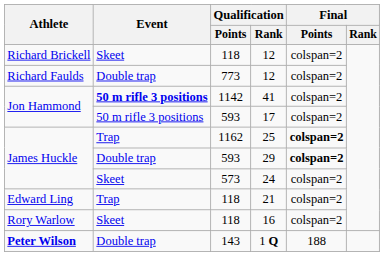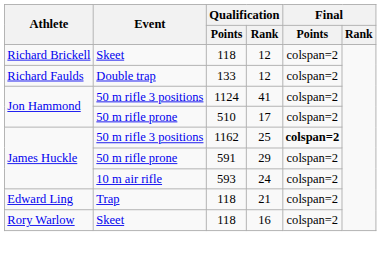 <table class="wikitable" style="text-align:center; font-size:90%;">
 <tr>
 <th rowspan=2>Athlete</th>
 <th rowspan=2>Event</th>
 <th colspan=2>Qualification</th>
 <th colspan=2>Final</th>
 </tr>
 <tr style="font-size:95%">
 <th>Points</th>
 <th>Rank</th>
 <th>Points</th>
 <th>Rank</th>
 </tr>
 <tr>
 <td style="text-align:left;"><a href='#'>Richard Brickell</a></td>
 <td style="text-align:left;"><a href='#'>Skeet</a></td>
 <td>118</td>
 <td>12</td>
 <td>colspan=2 </td>
 </tr>
 <tr>
 <td style="text-align:left;"><a href='#'>Richard Faulds</a></td>
 <td style="text-align:left;"><a href='#'>Double trap</a></td>
-<td>773</td>
+<td>133</td>
 <td>12</td>
 <td>colspan=2 </td>
 </tr>
 <tr>
 <td style="text-align:left;" rowspan="2"><a href='#'>Jon Hammond</a></td>
-<td style="text-align:left;"><strong><a href='#'>50 m rifle 3 positions</a></strong></td>
-<td>1142</td>
+<td style="text-align:left;"><a href='#'>50 m rifle 3 positions</a></td>
+<td>1124</td>
 <td>41</td>
 <td>colspan=2 </td>
 </tr>
 <tr>
-<td style="text-align:left;"><a href='#'>50 m rifle 3 positions</a></td>
-<td>593</td>
+<td style="text-align:left;"><a href='#'>50 m rifle prone</a></td>
+<td>510</td>
 <td>17</td>
 <td>colspan=2 </td>
 </tr>
 <tr>
 <td style="text-align:left;" rowspan="3"><a href='#'>James Huckle</a></td>
-<td style="text-align:left;"><a href='#'>Trap</a></td>
+<td style="text-align:left;"><a href='#'>50 m rifle 3 positions</a></td>
 <td>1162</td>
 <td>25</td>
 <td><strong>colspan=2 </strong></td>
 </tr>
 <tr>
-<td style="text-align:left;"><a href='#'>Double trap</a></td>
-<td>593</td>
+<td style="text-align:left;"><a href='#'>50 m rifle prone</a></td>
+<td>591</td>
 <td>29</td>
-<td><strong>colspan=2 </strong></td>
+<td>colspan=2 </td>
 </tr>
 <tr>
-<td style="text-align:left;"><a href='#'>Skeet</a></td>
-<td>573</td>
+<td style="text-align:left;"><a href='#'>10 m air rifle</a></td>
+<td>593</td>
 <td>24</td>
 <td>colspan=2 </td>
 </tr>
 <tr>
 <td style="text-align:left;"><a href='#'>Edward Ling</a></td>
 <td style="text-align:left;"><a href='#'>Trap</a></td>
 <td>118</td>
 <td>21</td>
 <td>colspan=2 </td>
 </tr>
 <tr>
 <td style="text-align:left;"><a href='#'>Rory Warlow</a></td>
 <td style="text-align:left;"><a href='#'>Skeet</a></td>
 <td>118</td>
 <td>16</td>
 <td>colspan=2 </td>
 </tr>
-<tr>
-<td style="text-align:left;"><strong><a href='#'>Peter Wilson</a></strong></td>
-<td style="text-align:left;"><a href='#'>Double trap</a></td>
-<td>143</td>
-<td>1 <strong>Q</strong></td>
-<td>188</td>
-<td></td>
-</tr>
 </table>
